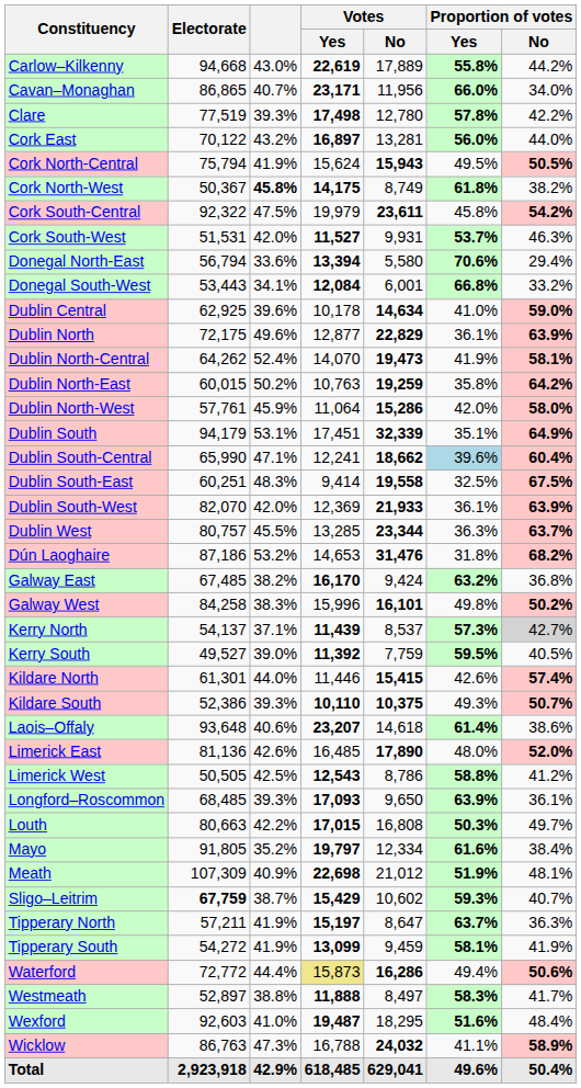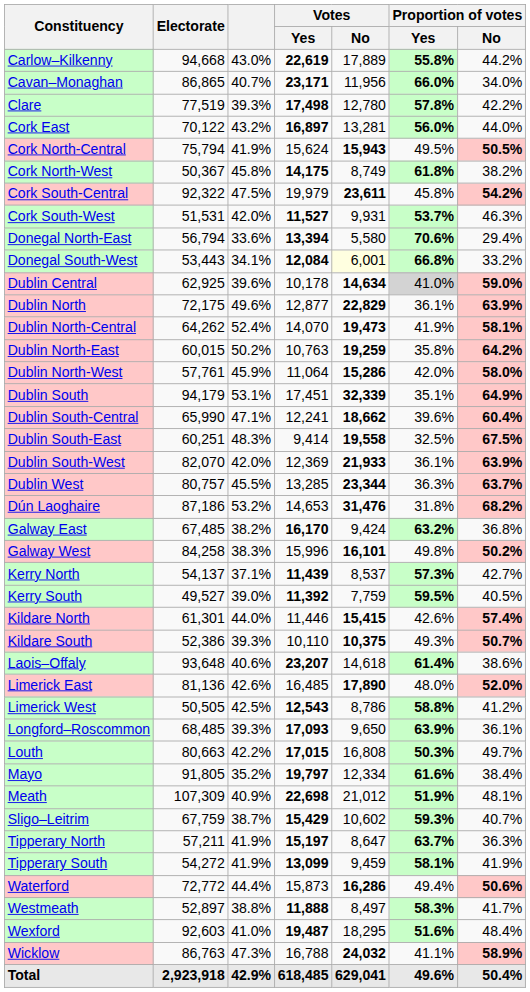 <table class="wikitable sortable">
 <tr>
 <th rowspan=2>Constituency</th>
 <th rowspan=2>Electorate</th>
 <th rowspan=2></th>
 <th colspan=2>Votes</th>
 <th colspan=2>Proportion of votes</th>
 </tr>
 <tr>
 <th>Yes</th>
 <th>No</th>
 <th>Yes</th>
 <th>No</th>
 </tr>
 <tr>
 <td style="background:#c8ffc8;"><a href='#'>Carlow–Kilkenny</a></td>
 <td style="text-align: right;">94,668</td>
 <td style="text-align: right;">43.0%</td>
 <td style="text-align: right;"><strong>22,619</strong></td>
 <td style="text-align: right;">17,889</td>
 <td style="text-align: right; background:#c8ffc8;"><strong>55.8%</strong></td>
 <td style="text-align: right;">44.2%</td>
 </tr>
 <tr>
 <td style="background:#c8ffc8;"><a href='#'>Cavan–Monaghan</a></td>
 <td style="text-align: right;">86,865</td>
 <td style="text-align: right;">40.7%</td>
 <td style="text-align: right;"><strong>23,171</strong></td>
 <td style="text-align: right;">11,956</td>
 <td style="text-align: right; background:#c8ffc8;"><strong>66.0%</strong></td>
 <td style="text-align: right;">34.0%</td>
 </tr>
 <tr>
 <td style="background:#c8ffc8;"><a href='#'>Clare</a></td>
 <td style="text-align: right;">77,519</td>
 <td style="text-align: right;">39.3%</td>
 <td style="text-align: right;"><strong>17,498</strong></td>
 <td style="text-align: right;">12,780</td>
 <td style="text-align: right; background:#c8ffc8;"><strong>57.8%</strong></td>
 <td style="text-align: right;">42.2%</td>
 </tr>
 <tr>
 <td style="background:#c8ffc8;"><a href='#'>Cork East</a></td>
 <td style="text-align: right;">70,122</td>
 <td style="text-align: right;">43.2%</td>
 <td style="text-align: right;"><strong>16,897</strong></td>
 <td style="text-align: right;">13,281</td>
 <td style="text-align: right; background:#c8ffc8;"><strong>56.0%</strong></td>
 <td style="text-align: right;">44.0%</td>
 </tr>
 <tr>
 <td style="background:#ffc8c8;"><a href='#'>Cork North-Central</a></td>
 <td style="text-align: right;">75,794</td>
 <td style="text-align: right;">41.9%</td>
 <td style="text-align: right;">15,624</td>
 <td style="text-align: right;"><strong>15,943</strong></td>
 <td style="text-align: right;">49.5%</td>
 <td style="text-align: right; background:#ffc8c8;"><strong>50.5%</strong></td>
 </tr>
 <tr>
 <td style="background:#c8ffc8;"><a href='#'>Cork North-West</a></td>
 <td style="text-align: right;">50,367</td>
-<td style="text-align: right;"><strong>45.8%</strong></td>
+<td style="text-align: right;">45.8%</td>
 <td style="text-align: right;"><strong>14,175</strong></td>
 <td style="text-align: right;">8,749</td>
 <td style="text-align: right; background:#c8ffc8;"><strong>61.8%</strong></td>
 <td style="text-align: right;">38.2%</td>
 </tr>
 <tr>
 <td style="background:#ffc8c8;"><a href='#'>Cork South-Central</a></td>
 <td style="text-align: right;">92,322</td>
 <td style="text-align: right;">47.5%</td>
 <td style="text-align: right;">19,979</td>
 <td style="text-align: right;"><strong>23,611</strong></td>
 <td style="text-align: right;">45.8%</td>
 <td style="text-align: right; background:#ffc8c8;"><strong>54.2%</strong></td>
 </tr>
 <tr>
 <td style="background:#c8ffc8;"><a href='#'>Cork South-West</a></td>
 <td style="text-align: right;">51,531</td>
 <td style="text-align: right;">42.0%</td>
 <td style="text-align: right;"><strong>11,527</strong></td>
 <td style="text-align: right;">9,931</td>
 <td style="text-align: right; background:#c8ffc8;"><strong>53.7%</strong></td>
 <td style="text-align: right;">46.3%</td>
 </tr>
 <tr>
 <td style="background:#c8ffc8;"><a href='#'>Donegal North-East</a></td>
 <td style="text-align: right;">56,794</td>
 <td style="text-align: right;">33.6%</td>
 <td style="text-align: right;"><strong>13,394</strong></td>
 <td style="text-align: right;">5,580</td>
 <td style="text-align: right; background:#c8ffc8;"><strong>70.6%</strong></td>
 <td style="text-align: right;">29.4%</td>
 </tr>
 <tr>
 <td style="background:#c8ffc8;"><a href='#'>Donegal South-West</a></td>
 <td style="text-align: right;">53,443</td>
 <td style="text-align: right;">34.1%</td>
 <td style="text-align: right;"><strong>12,084</strong></td>
-<td style="text-align: right;">6,001</td>
+<td style="background: lightyellow; text-align: right;">6,001</td>
 <td style="text-align: right; background:#c8ffc8;"><strong>66.8%</strong></td>
 <td style="text-align: right;">33.2%</td>
 </tr>
 <tr>
 <td style="background:#ffc8c8;"><a href='#'>Dublin Central</a></td>
 <td style="text-align: right;">62,925</td>
 <td style="text-align: right;">39.6%</td>
 <td style="text-align: right;">10,178</td>
 <td style="text-align: right;"><strong>14,634</strong></td>
-<td style="text-align: right;">41.0%</td>
+<td style="background: lightgrey; text-align: right;">41.0%</td>
 <td style="text-align: right; background:#ffc8c8;"><strong>59.0%</strong></td>
 </tr>
 <tr>
 <td style="background:#ffc8c8;"><a href='#'>Dublin North</a></td>
 <td style="text-align: right;">72,175</td>
 <td style="text-align: right;">49.6%</td>
 <td style="text-align: right;">12,877</td>
 <td style="text-align: right;"><strong>22,829</strong></td>
 <td style="text-align: right;">36.1%</td>
 <td style="text-align: right; background:#ffc8c8;"><strong>63.9%</strong></td>
 </tr>
 <tr>
 <td style="background:#ffc8c8;"><a href='#'>Dublin North-Central</a></td>
 <td style="text-align: right;">64,262</td>
 <td style="text-align: right;">52.4%</td>
 <td style="text-align: right;">14,070</td>
 <td style="text-align: right;"><strong>19,473</strong></td>
 <td style="text-align: right;">41.9%</td>
 <td style="text-align: right; background:#ffc8c8;"><strong>58.1%</strong></td>
 </tr>
 <tr>
 <td style="background:#ffc8c8;"><a href='#'>Dublin North-East</a></td>
 <td style="text-align: right;">60,015</td>
 <td style="text-align: right;">50.2%</td>
 <td style="text-align: right;">10,763</td>
 <td style="text-align: right;"><strong>19,259</strong></td>
 <td style="text-align: right;">35.8%</td>
 <td style="text-align: right; background:#ffc8c8;"><strong>64.2%</strong></td>
 </tr>
 <tr>
 <td style="background:#ffc8c8;"><a href='#'>Dublin North-West</a></td>
 <td style="text-align: right;">57,761</td>
 <td style="text-align: right;">45.9%</td>
 <td style="text-align: right;">11,064</td>
 <td style="text-align: right;"><strong>15,286</strong></td>
 <td style="text-align: right;">42.0%</td>
 <td style="text-align: right; background:#ffc8c8;"><strong>58.0%</strong></td>
 </tr>
 <tr>
 <td style="background:#ffc8c8;"><a href='#'>Dublin South</a></td>
 <td style="text-align: right;">94,179</td>
 <td style="text-align: right;">53.1%</td>
 <td style="text-align: right;">17,451</td>
 <td style="text-align: right;"><strong>32,339</strong></td>
 <td style="text-align: right;">35.1%</td>
 <td style="text-align: right; background:#ffc8c8;"><strong>64.9%</strong></td>
 </tr>
 <tr>
 <td style="background:#ffc8c8;"><a href='#'>Dublin South-Central</a></td>
 <td style="text-align: right;">65,990</td>
 <td style="text-align: right;">47.1%</td>
 <td style="text-align: right;">12,241</td>
 <td style="text-align: right;"><strong>18,662</strong></td>
-<td style="background: lightblue; text-align: right;">39.6%</td>
+<td style="text-align: right;">39.6%</td>
 <td style="text-align: right; background:#ffc8c8;"><strong>60.4%</strong></td>
 </tr>
 <tr>
 <td style="background:#ffc8c8;"><a href='#'>Dublin South-East</a></td>
 <td style="text-align: right;">60,251</td>
 <td style="text-align: right;">48.3%</td>
 <td style="text-align: right;">9,414</td>
 <td style="text-align: right;"><strong>19,558</strong></td>
 <td style="text-align: right;">32.5%</td>
 <td style="text-align: right; background:#ffc8c8;"><strong>67.5%</strong></td>
 </tr>
 <tr>
 <td style="background:#ffc8c8;"><a href='#'>Dublin South-West</a></td>
 <td style="text-align: right;">82,070</td>
 <td style="text-align: right;">42.0%</td>
 <td style="text-align: right;">12,369</td>
 <td style="text-align: right;"><strong>21,933</strong></td>
 <td style="text-align: right;">36.1%</td>
 <td style="text-align: right; background:#ffc8c8;"><strong>63.9%</strong></td>
 </tr>
 <tr>
 <td style="background:#ffc8c8;"><a href='#'>Dublin West</a></td>
 <td style="text-align: right;">80,757</td>
 <td style="text-align: right;">45.5%</td>
 <td style="text-align: right;">13,285</td>
 <td style="text-align: right;"><strong>23,344</strong></td>
 <td style="text-align: right;">36.3%</td>
 <td style="text-align: right; background:#ffc8c8;"><strong>63.7%</strong></td>
 </tr>
 <tr>
 <td style="background:#ffc8c8;"><a href='#'>Dún Laoghaire</a></td>
 <td style="text-align: right;">87,186</td>
 <td style="text-align: right;">53.2%</td>
 <td style="text-align: right;">14,653</td>
 <td style="text-align: right;"><strong>31,476</strong></td>
 <td style="text-align: right;">31.8%</td>
 <td style="text-align: right; background:#ffc8c8;"><strong>68.2%</strong></td>
 </tr>
 <tr>
 <td style="background:#c8ffc8;"><a href='#'>Galway East</a></td>
 <td style="text-align: right;">67,485</td>
 <td style="text-align: right;">38.2%</td>
 <td style="text-align: right;"><strong>16,170</strong></td>
 <td style="text-align: right;">9,424</td>
 <td style="text-align: right; background:#c8ffc8;"><strong>63.2%</strong></td>
 <td style="text-align: right;">36.8%</td>
 </tr>
 <tr>
 <td style="background:#ffc8c8;"><a href='#'>Galway West</a></td>
 <td style="text-align: right;">84,258</td>
 <td style="text-align: right;">38.3%</td>
 <td style="text-align: right;">15,996</td>
 <td style="text-align: right;"><strong>16,101</strong></td>
 <td style="text-align: right;">49.8%</td>
 <td style="text-align: right; background:#ffc8c8;"><strong>50.2%</strong></td>
 </tr>
 <tr>
 <td style="background:#c8ffc8;"><a href='#'>Kerry North</a></td>
 <td style="text-align: right;">54,137</td>
 <td style="text-align: right;">37.1%</td>
 <td style="text-align: right;"><strong>11,439</strong></td>
 <td style="text-align: right;">8,537</td>
 <td style="text-align: right; background:#c8ffc8;"><strong>57.3%</strong></td>
-<td style="background: lightgrey; text-align: right;">42.7%</td>
+<td style="text-align: right;">42.7%</td>
 </tr>
 <tr>
 <td style="background:#c8ffc8;"><a href='#'>Kerry South</a></td>
 <td style="text-align: right;">49,527</td>
 <td style="text-align: right;">39.0%</td>
 <td style="text-align: right;"><strong>11,392</strong></td>
 <td style="text-align: right;">7,759</td>
 <td style="text-align: right; background:#c8ffc8;"><strong>59.5%</strong></td>
 <td style="text-align: right;">40.5%</td>
 </tr>
 <tr>
 <td style="background:#ffc8c8;"><a href='#'>Kildare North</a></td>
 <td style="text-align: right;">61,301</td>
 <td style="text-align: right;">44.0%</td>
 <td style="text-align: right;">11,446</td>
 <td style="text-align: right;"><strong>15,415</strong></td>
 <td style="text-align: right;">42.6%</td>
 <td style="text-align: right; background:#ffc8c8;"><strong>57.4%</strong></td>
 </tr>
 <tr>
 <td style="background:#ffc8c8;"><a href='#'>Kildare South</a></td>
 <td style="text-align: right;">52,386</td>
 <td style="text-align: right;">39.3%</td>
-<td style="text-align: right;"><strong>10,110</strong></td>
+<td style="text-align: right;">10,110</td>
 <td style="text-align: right;"><strong>10,375</strong></td>
 <td style="text-align: right;">49.3%</td>
 <td style="text-align: right; background:#ffc8c8;"><strong>50.7%</strong></td>
 </tr>
 <tr>
 <td style="background:#c8ffc8;"><a href='#'>Laois–Offaly</a></td>
 <td style="text-align: right;">93,648</td>
 <td style="text-align: right;">40.6%</td>
 <td style="text-align: right;"><strong>23,207</strong></td>
 <td style="text-align: right;">14,618</td>
 <td style="text-align: right; background:#c8ffc8;"><strong>61.4%</strong></td>
 <td style="text-align: right;">38.6%</td>
 </tr>
 <tr>
 <td style="background:#ffc8c8;"><a href='#'>Limerick East</a></td>
 <td style="text-align: right;">81,136</td>
 <td style="text-align: right;">42.6%</td>
 <td style="text-align: right;">16,485</td>
 <td style="text-align: right;"><strong>17,890</strong></td>
 <td style="text-align: right;">48.0%</td>
 <td style="text-align: right; background:#ffc8c8;"><strong>52.0%</strong></td>
 </tr>
 <tr>
 <td style="background:#c8ffc8;"><a href='#'>Limerick West</a></td>
 <td style="text-align: right;">50,505</td>
 <td style="text-align: right;">42.5%</td>
 <td style="text-align: right;"><strong>12,543</strong></td>
 <td style="text-align: right;">8,786</td>
 <td style="text-align: right; background:#c8ffc8;"><strong>58.8%</strong></td>
 <td style="text-align: right;">41.2%</td>
 </tr>
 <tr>
 <td style="background:#c8ffc8;"><a href='#'>Longford–Roscommon</a></td>
 <td style="text-align: right;">68,485</td>
 <td style="text-align: right;">39.3%</td>
 <td style="text-align: right;"><strong>17,093</strong></td>
 <td style="text-align: right;">9,650</td>
 <td style="text-align: right; background:#c8ffc8;"><strong>63.9%</strong></td>
 <td style="text-align: right;">36.1%</td>
 </tr>
 <tr>
 <td style="background:#c8ffc8;"><a href='#'>Louth</a></td>
 <td style="text-align: right;">80,663</td>
 <td style="text-align: right;">42.2%</td>
 <td style="text-align: right;"><strong>17,015</strong></td>
 <td style="text-align: right;">16,808</td>
 <td style="text-align: right; background:#c8ffc8;"><strong>50.3%</strong></td>
 <td style="text-align: right;">49.7%</td>
 </tr>
 <tr>
 <td style="background:#c8ffc8;"><a href='#'>Mayo</a></td>
 <td style="text-align: right;">91,805</td>
 <td style="text-align: right;">35.2%</td>
 <td style="text-align: right;"><strong>19,797</strong></td>
 <td style="text-align: right;">12,334</td>
 <td style="text-align: right; background:#c8ffc8;"><strong>61.6%</strong></td>
 <td style="text-align: right;">38.4%</td>
 </tr>
 <tr>
 <td style="background:#c8ffc8;"><a href='#'>Meath</a></td>
 <td style="text-align: right;">107,309</td>
 <td style="text-align: right;">40.9%</td>
 <td style="text-align: right;"><strong>22,698</strong></td>
 <td style="text-align: right;">21,012</td>
 <td style="text-align: right; background:#c8ffc8;"><strong>51.9%</strong></td>
 <td style="text-align: right;">48.1%</td>
 </tr>
 <tr>
 <td style="background:#c8ffc8;"><a href='#'>Sligo–Leitrim</a></td>
-<td style="text-align: right;"><strong>67,759</strong></td>
+<td style="text-align: right;">67,759</td>
 <td style="text-align: right;">38.7%</td>
 <td style="text-align: right;"><strong>15,429</strong></td>
 <td style="text-align: right;">10,602</td>
 <td style="text-align: right; background:#c8ffc8;"><strong>59.3%</strong></td>
 <td style="text-align: right;">40.7%</td>
 </tr>
 <tr>
 <td style="background:#c8ffc8;"><a href='#'>Tipperary North</a></td>
 <td style="text-align: right;">57,211</td>
 <td style="text-align: right;">41.9%</td>
 <td style="text-align: right;"><strong>15,197</strong></td>
 <td style="text-align: right;">8,647</td>
 <td style="text-align: right; background:#c8ffc8;"><strong>63.7%</strong></td>
 <td style="text-align: right;">36.3%</td>
 </tr>
 <tr>
 <td style="background:#c8ffc8;"><a href='#'>Tipperary South</a></td>
 <td style="text-align: right;">54,272</td>
 <td style="text-align: right;">41.9%</td>
 <td style="text-align: right;"><strong>13,099</strong></td>
 <td style="text-align: right;">9,459</td>
 <td style="text-align: right; background:#c8ffc8;"><strong>58.1%</strong></td>
 <td style="text-align: right;">41.9%</td>
 </tr>
 <tr>
 <td style="background:#ffc8c8;"><a href='#'>Waterford</a></td>
 <td style="text-align: right;">72,772</td>
 <td style="text-align: right;">44.4%</td>
-<td style="background: khaki; text-align: right;">15,873</td>
+<td style="text-align: right;">15,873</td>
 <td style="text-align: right;"><strong>16,286</strong></td>
 <td style="text-align: right;">49.4%</td>
 <td style="text-align: right; background:#ffc8c8;"><strong>50.6%</strong></td>
 </tr>
 <tr>
 <td style="background:#c8ffc8;"><a href='#'>Westmeath</a></td>
 <td style="text-align: right;">52,897</td>
 <td style="text-align: right;">38.8%</td>
 <td style="text-align: right;"><strong>11,888</strong></td>
 <td style="text-align: right;">8,497</td>
 <td style="text-align: right; background:#c8ffc8;"><strong>58.3%</strong></td>
 <td style="text-align: right;">41.7%</td>
 </tr>
 <tr>
 <td style="background:#c8ffc8;"><a href='#'>Wexford</a></td>
 <td style="text-align: right;">92,603</td>
 <td style="text-align: right;">41.0%</td>
 <td style="text-align: right;"><strong>19,487</strong></td>
 <td style="text-align: right;">18,295</td>
 <td style="text-align: right; background:#c8ffc8;"><strong>51.6%</strong></td>
 <td style="text-align: right;">48.4%</td>
 </tr>
 <tr>
 <td style="background:#ffc8c8;"><a href='#'>Wicklow</a></td>
 <td style="text-align: right;">86,763</td>
 <td style="text-align: right;">47.3%</td>
 <td style="text-align: right;">16,788</td>
 <td style="text-align: right;"><strong>24,032</strong></td>
 <td style="text-align: right;">41.1%</td>
 <td style="text-align: right; background:#ffc8c8;"><strong>58.9%</strong></td>
 </tr>
 <tr class="sortbottom" style="font-weight:bold; background:rgb(232,232,232);">
 <td>Total</td>
 <td style="text-align: right;">2,923,918</td>
 <td style="text-align: right;">42.9%</td>
 <td style="text-align: right;">618,485</td>
 <td style="text-align: right;">629,041</td>
 <td style="text-align: right;">49.6%</td>
 <td style="text-align: right;">50.4%</td>
 </tr>
 </table>
